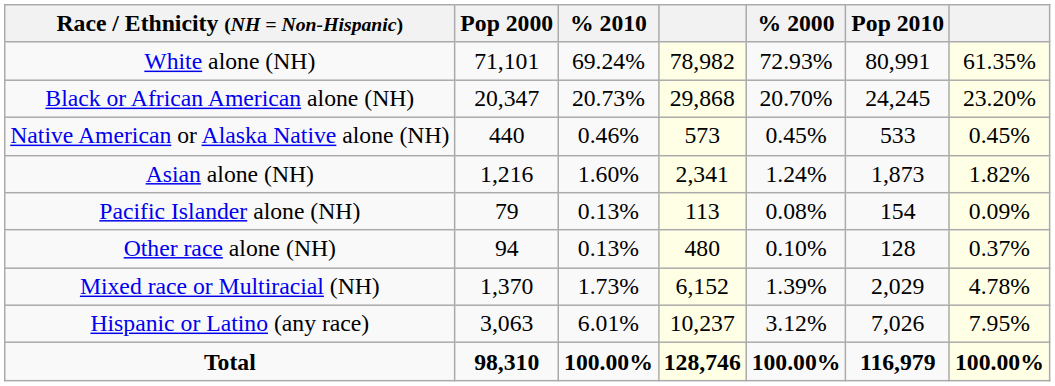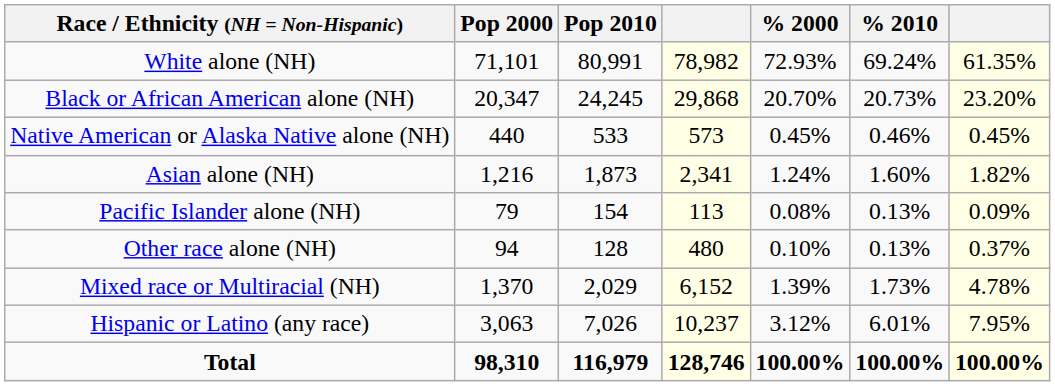 <table class="wikitable" style="text-align:center;">
 <tr>
 <th>Race / Ethnicity <small>(<em>NH = Non-Hispanic</em>)</small></th>
 <th>Pop 2000</th>
-<th>% 2010</th>
+<th>Pop 2010</th>
 <th></th>
 <th>% 2000</th>
-<th>Pop 2010</th>
+<th>% 2010</th>
 <th></th>
 </tr>
 <tr>
 <td><a href='#'>White</a> alone (NH)</td>
 <td>71,101</td>
-<td>69.24%</td>
+<td>80,991</td>
 <td style='background: #ffffe6;'>78,982</td>
 <td>72.93%</td>
-<td>80,991</td>
+<td>69.24%</td>
 <td style='background: #ffffe6;'>61.35%</td>
 </tr>
 <tr>
 <td><a href='#'>Black or African American</a> alone (NH)</td>
 <td>20,347</td>
-<td>20.73%</td>
+<td>24,245</td>
 <td style='background: #ffffe6;'>29,868</td>
 <td>20.70%</td>
-<td>24,245</td>
+<td>20.73%</td>
 <td style='background: #ffffe6;'>23.20%</td>
 </tr>
 <tr>
 <td><a href='#'>Native American</a> or <a href='#'>Alaska Native</a> alone (NH)</td>
 <td>440</td>
-<td>0.46%</td>
+<td>533</td>
 <td style='background: #ffffe6;'>573</td>
 <td>0.45%</td>
-<td>533</td>
+<td>0.46%</td>
 <td style='background: #ffffe6;'>0.45%</td>
 </tr>
 <tr>
 <td><a href='#'>Asian</a> alone (NH)</td>
 <td>1,216</td>
-<td>1.60%</td>
+<td>1,873</td>
 <td style='background: #ffffe6;'>2,341</td>
 <td>1.24%</td>
-<td>1,873</td>
+<td>1.60%</td>
 <td style='background: #ffffe6;'>1.82%</td>
 </tr>
 <tr>
 <td><a href='#'>Pacific Islander</a> alone (NH)</td>
 <td>79</td>
-<td>0.13%</td>
+<td>154</td>
 <td style='background: #ffffe6;'>113</td>
 <td>0.08%</td>
-<td>154</td>
+<td>0.13%</td>
 <td style='background: #ffffe6;'>0.09%</td>
 </tr>
 <tr>
 <td><a href='#'>Other race</a> alone (NH)</td>
 <td>94</td>
-<td>0.13%</td>
+<td>128</td>
 <td style='background: #ffffe6;'>480</td>
 <td>0.10%</td>
-<td>128</td>
+<td>0.13%</td>
 <td style='background: #ffffe6;'>0.37%</td>
 </tr>
 <tr>
 <td><a href='#'>Mixed race or Multiracial</a> (NH)</td>
 <td>1,370</td>
-<td>1.73%</td>
+<td>2,029</td>
 <td style='background: #ffffe6;'>6,152</td>
 <td>1.39%</td>
-<td>2,029</td>
+<td>1.73%</td>
 <td style='background: #ffffe6;'>4.78%</td>
 </tr>
 <tr>
 <td><a href='#'>Hispanic or Latino</a> (any race)</td>
 <td>3,063</td>
-<td>6.01%</td>
+<td>7,026</td>
 <td style='background: #ffffe6;'>10,237</td>
 <td>3.12%</td>
-<td>7,026</td>
+<td>6.01%</td>
 <td style='background: #ffffe6;'>7.95%</td>
 </tr>
 <tr>
 <td><strong>Total</strong></td>
 <td><strong>98,310</strong></td>
-<td><strong>100.00%</strong></td>
+<td><strong>116,979</strong></td>
 <td style='background: #ffffe6;'><strong>128,746</strong></td>
 <td><strong>100.00%</strong></td>
-<td><strong>116,979</strong></td>
+<td><strong>100.00%</strong></td>
 <td style='background: #ffffe6;'><strong>100.00%</strong></td>
 </tr>
 </table>
